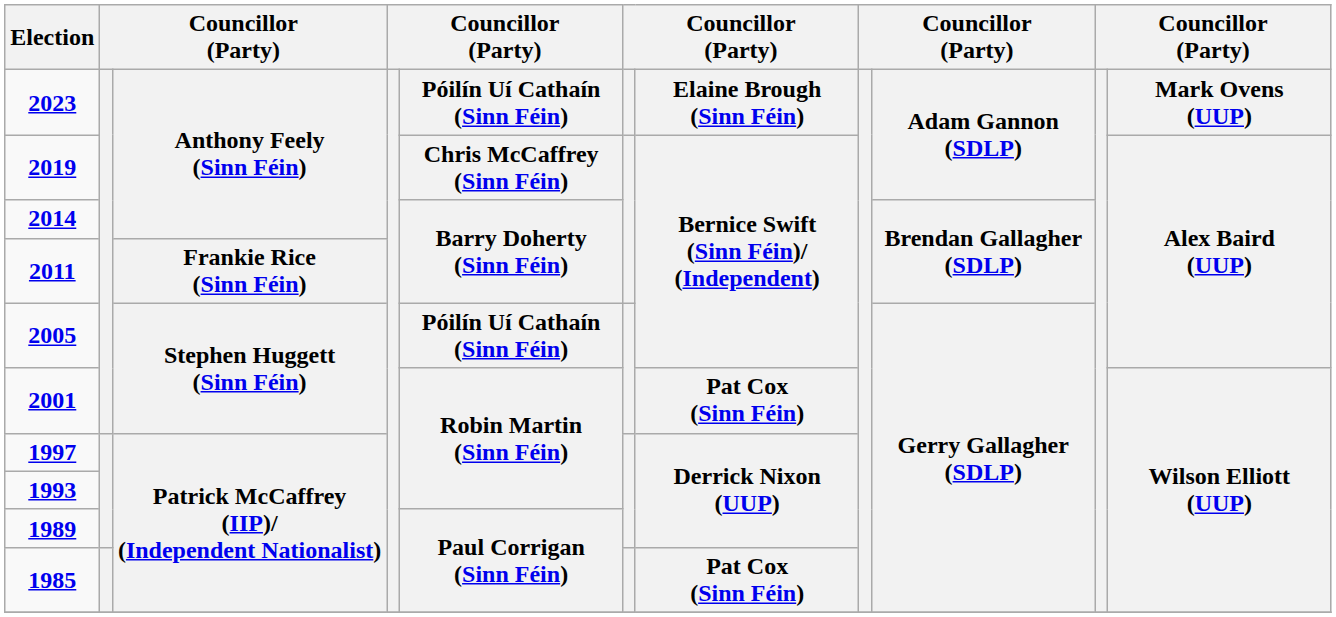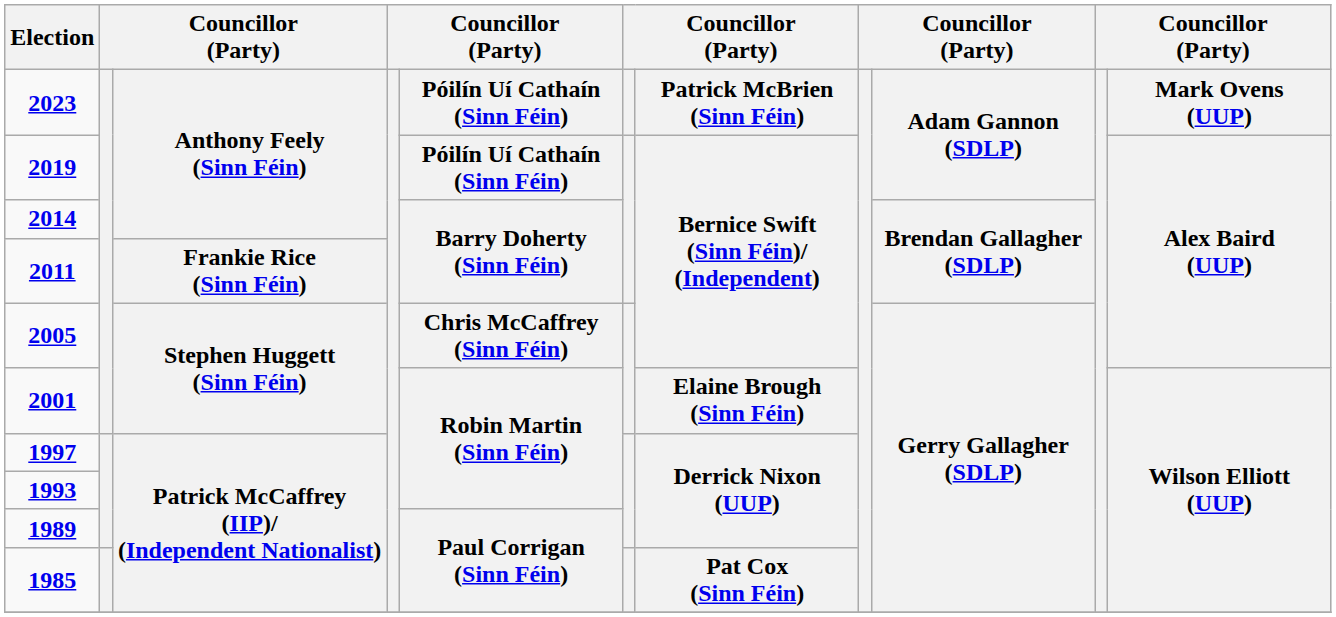 <table class="wikitable" style="text-align:center">
 <tr>
 <th scope="col" width="50">Election</th>
 <th scope="col" width="150" colspan = "2">Councillor<br> (Party)</th>
 <th scope="col" width="150" colspan = "2">Councillor<br> (Party)</th>
 <th scope="col" width="150" colspan = "2">Councillor<br> (Party)</th>
 <th scope="col" width="150" colspan = "2">Councillor<br> (Party)</th>
 <th scope="col" width="150" colspan = "2">Councillor<br> (Party)</th>
 </tr>
 <tr>
 <td><strong><a href='#'>2023</a></strong></td>
 <th rowspan="6" width="1" style="background-color: "></th>
 <th rowspan = "3">Anthony Feely <br> (<a href='#'>Sinn Féin</a>)</th>
 <th rowspan="10" width="1" style="background-color: "></th>
 <th rowspan = "1">Póilín Uí Cathaín <br> (<a href='#'>Sinn Féin</a>)</th>
 <th rowspan="1" width="1" style="background-color: "></th>
-<th rowspan = "1">Elaine Brough <br> (<a href='#'>Sinn Féin</a>)</th>
+<th rowspan = "1">Patrick McBrien <br> (<a href='#'>Sinn Féin</a>)</th>
 <th rowspan="10" width="1" style="background-color: "></th>
 <th rowspan = "2">Adam Gannon <br> (<a href='#'>SDLP</a>)</th>
 <th rowspan="10" width="1" style="background-color: "></th>
 <th rowspan = "1">Mark Ovens <br> (<a href='#'>UUP</a>)</th>
 </tr>
 <tr>
 <td><strong><a href='#'>2019</a></strong></td>
-<th rowspan = "1">Chris McCaffrey <br> (<a href='#'>Sinn Féin</a>)</th>
+<th rowspan = "1">Póilín Uí Cathaín <br> (<a href='#'>Sinn Féin</a>)</th>
 <th rowspan="3" width="1" style="background-color: "></th>
 <th rowspan = "4">Bernice Swift <br> (<a href='#'>Sinn Féin</a>)/ <br> (<a href='#'>Independent</a>)</th>
 <th rowspan = "4">Alex Baird <br> (<a href='#'>UUP</a>)</th>
 </tr>
 <tr>
 <td><strong><a href='#'>2014</a></strong></td>
 <th rowspan = "2">Barry Doherty <br> (<a href='#'>Sinn Féin</a>)</th>
 <th rowspan = "2">Brendan Gallagher <br> (<a href='#'>SDLP</a>)</th>
 </tr>
 <tr>
 <td><strong><a href='#'>2011</a></strong></td>
 <th rowspan = "1">Frankie Rice <br> (<a href='#'>Sinn Féin</a>)</th>
 </tr>
 <tr>
 <td><strong><a href='#'>2005</a></strong></td>
 <th rowspan = "2">Stephen Huggett <br> (<a href='#'>Sinn Féin</a>)</th>
-<th rowspan = "1">Póilín Uí Cathaín <br> (<a href='#'>Sinn Féin</a>)</th>
+<th rowspan = "1">Chris McCaffrey <br> (<a href='#'>Sinn Féin</a>)</th>
 <th rowspan="2" width="1" style="background-color: "></th>
 <th rowspan = "6">Gerry Gallagher <br> (<a href='#'>SDLP</a>)</th>
 </tr>
 <tr>
 <td><strong><a href='#'>2001</a></strong></td>
 <th rowspan = "3">Robin Martin <br> (<a href='#'>Sinn Féin</a>)</th>
-<th rowspan = "1">Pat Cox <br> (<a href='#'>Sinn Féin</a>)</th>
+<th rowspan = "1">Elaine Brough <br> (<a href='#'>Sinn Féin</a>)</th>
 <th rowspan = "5">Wilson Elliott <br> (<a href='#'>UUP</a>)</th>
 </tr>
 <tr>
 <td><strong><a href='#'>1997</a></strong></td>
 <th rowspan="3" width="1" style="background-color: "></th>
 <th rowspan = "4">Patrick McCaffrey <br> (<a href='#'>IIP</a>)/ <br> (<a href='#'>Independent Nationalist</a>)</th>
 <th rowspan="3" width="1" style="background-color: "></th>
 <th rowspan = "3">Derrick Nixon <br> (<a href='#'>UUP</a>)</th>
 </tr>
 <tr>
 <td><strong><a href='#'>1993</a></strong></td>
 </tr>
 <tr>
 <td><strong><a href='#'>1989</a></strong></td>
 <th rowspan = "2">Paul Corrigan <br> (<a href='#'>Sinn Féin</a>)</th>
 </tr>
 <tr>
 <td><strong><a href='#'>1985</a></strong></td>
 <th rowspan="1" width="1" style="background-color: "></th>
 <th rowspan="1" width="1" style="background-color: "></th>
 <th rowspan = "1">Pat Cox <br> (<a href='#'>Sinn Féin</a>)</th>
 </tr>
 <tr>
 </tr>
 </table>
